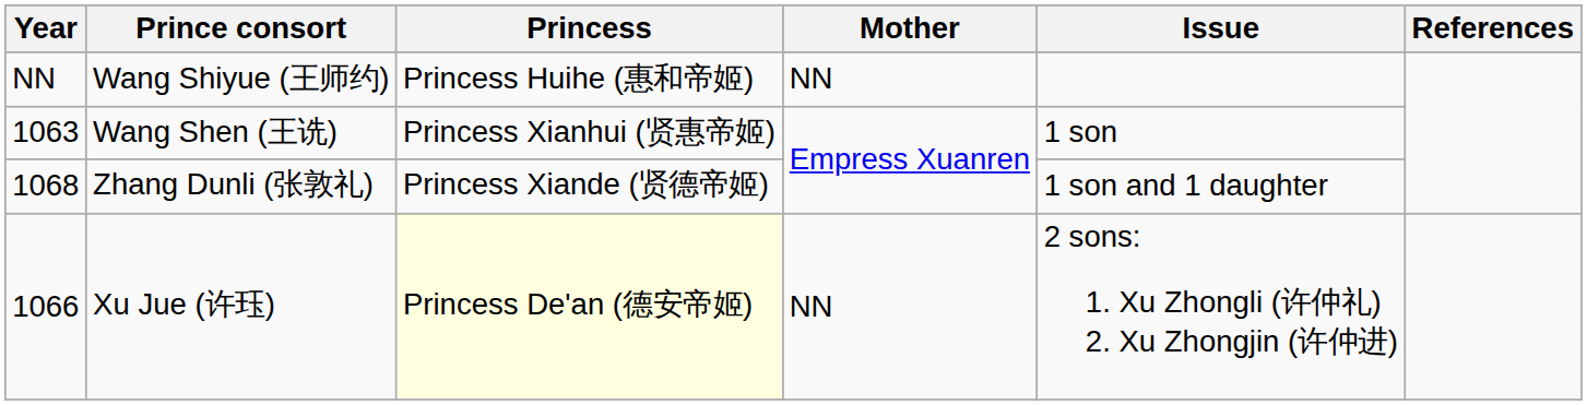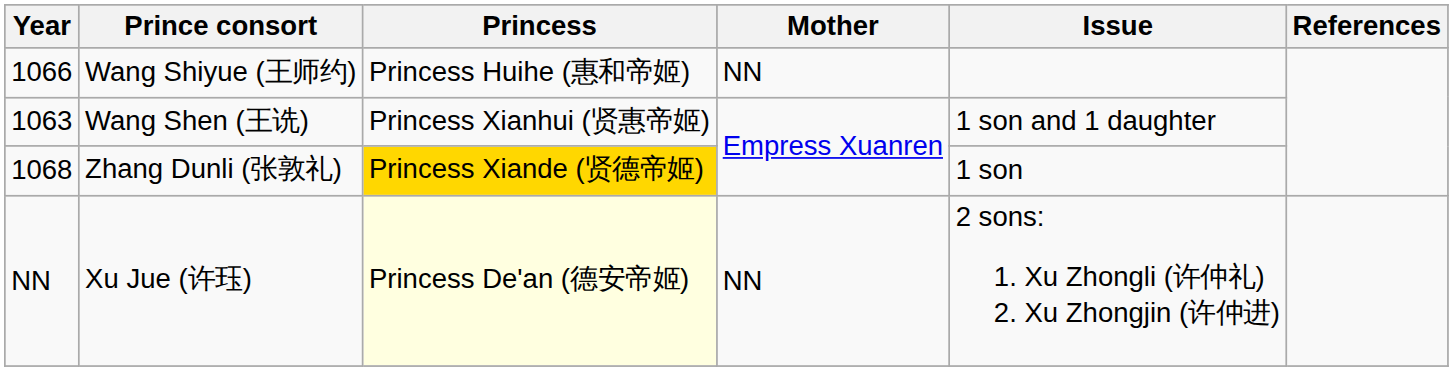 <table class="wikitable">
 <tr>
 <th>Year</th>
 <th>Prince consort</th>
 <th>Princess</th>
 <th>Mother</th>
 <th>Issue</th>
 <th>References</th>
 </tr>
 <tr>
-<td>NN</td>
+<td>1066</td>
 <td>Wang Shiyue (王师约)</td>
 <td>Princess Huihe (惠和帝姬)</td>
 <td>NN</td>
 <td></td>
 <td rowspan="3"></td>
 </tr>
 <tr>
 <td>1063</td>
 <td>Wang Shen (王诜)</td>
 <td>Princess Xianhui (贤惠帝姬)</td>
 <td rowspan="2"><a href='#'>Empress Xuanren</a></td>
-<td>1 son</td>
+<td>1 son and 1 daughter</td>
 </tr>
 <tr>
 <td>1068</td>
 <td>Zhang Dunli (张敦礼)</td>
-<td>Princess Xiande (贤德帝姬)</td>
-<td>1 son and 1 daughter</td>
+<td style="background: gold;">Princess Xiande (贤德帝姬)</td>
+<td>1 son</td>
 </tr>
 <tr>
-<td>1066</td>
+<td>NN</td>
 <td>Xu Jue (许珏)</td>
 <td style="background: lightyellow;">Princess De'an (德安帝姬)</td>
 <td>NN</td>
 <td>2 sons:<br><ol><li>Xu Zhongli (许仲礼)</li><li>Xu Zhongjin (许仲进)</li></ol></td>
 <td></td>
 </tr>
 </table>
